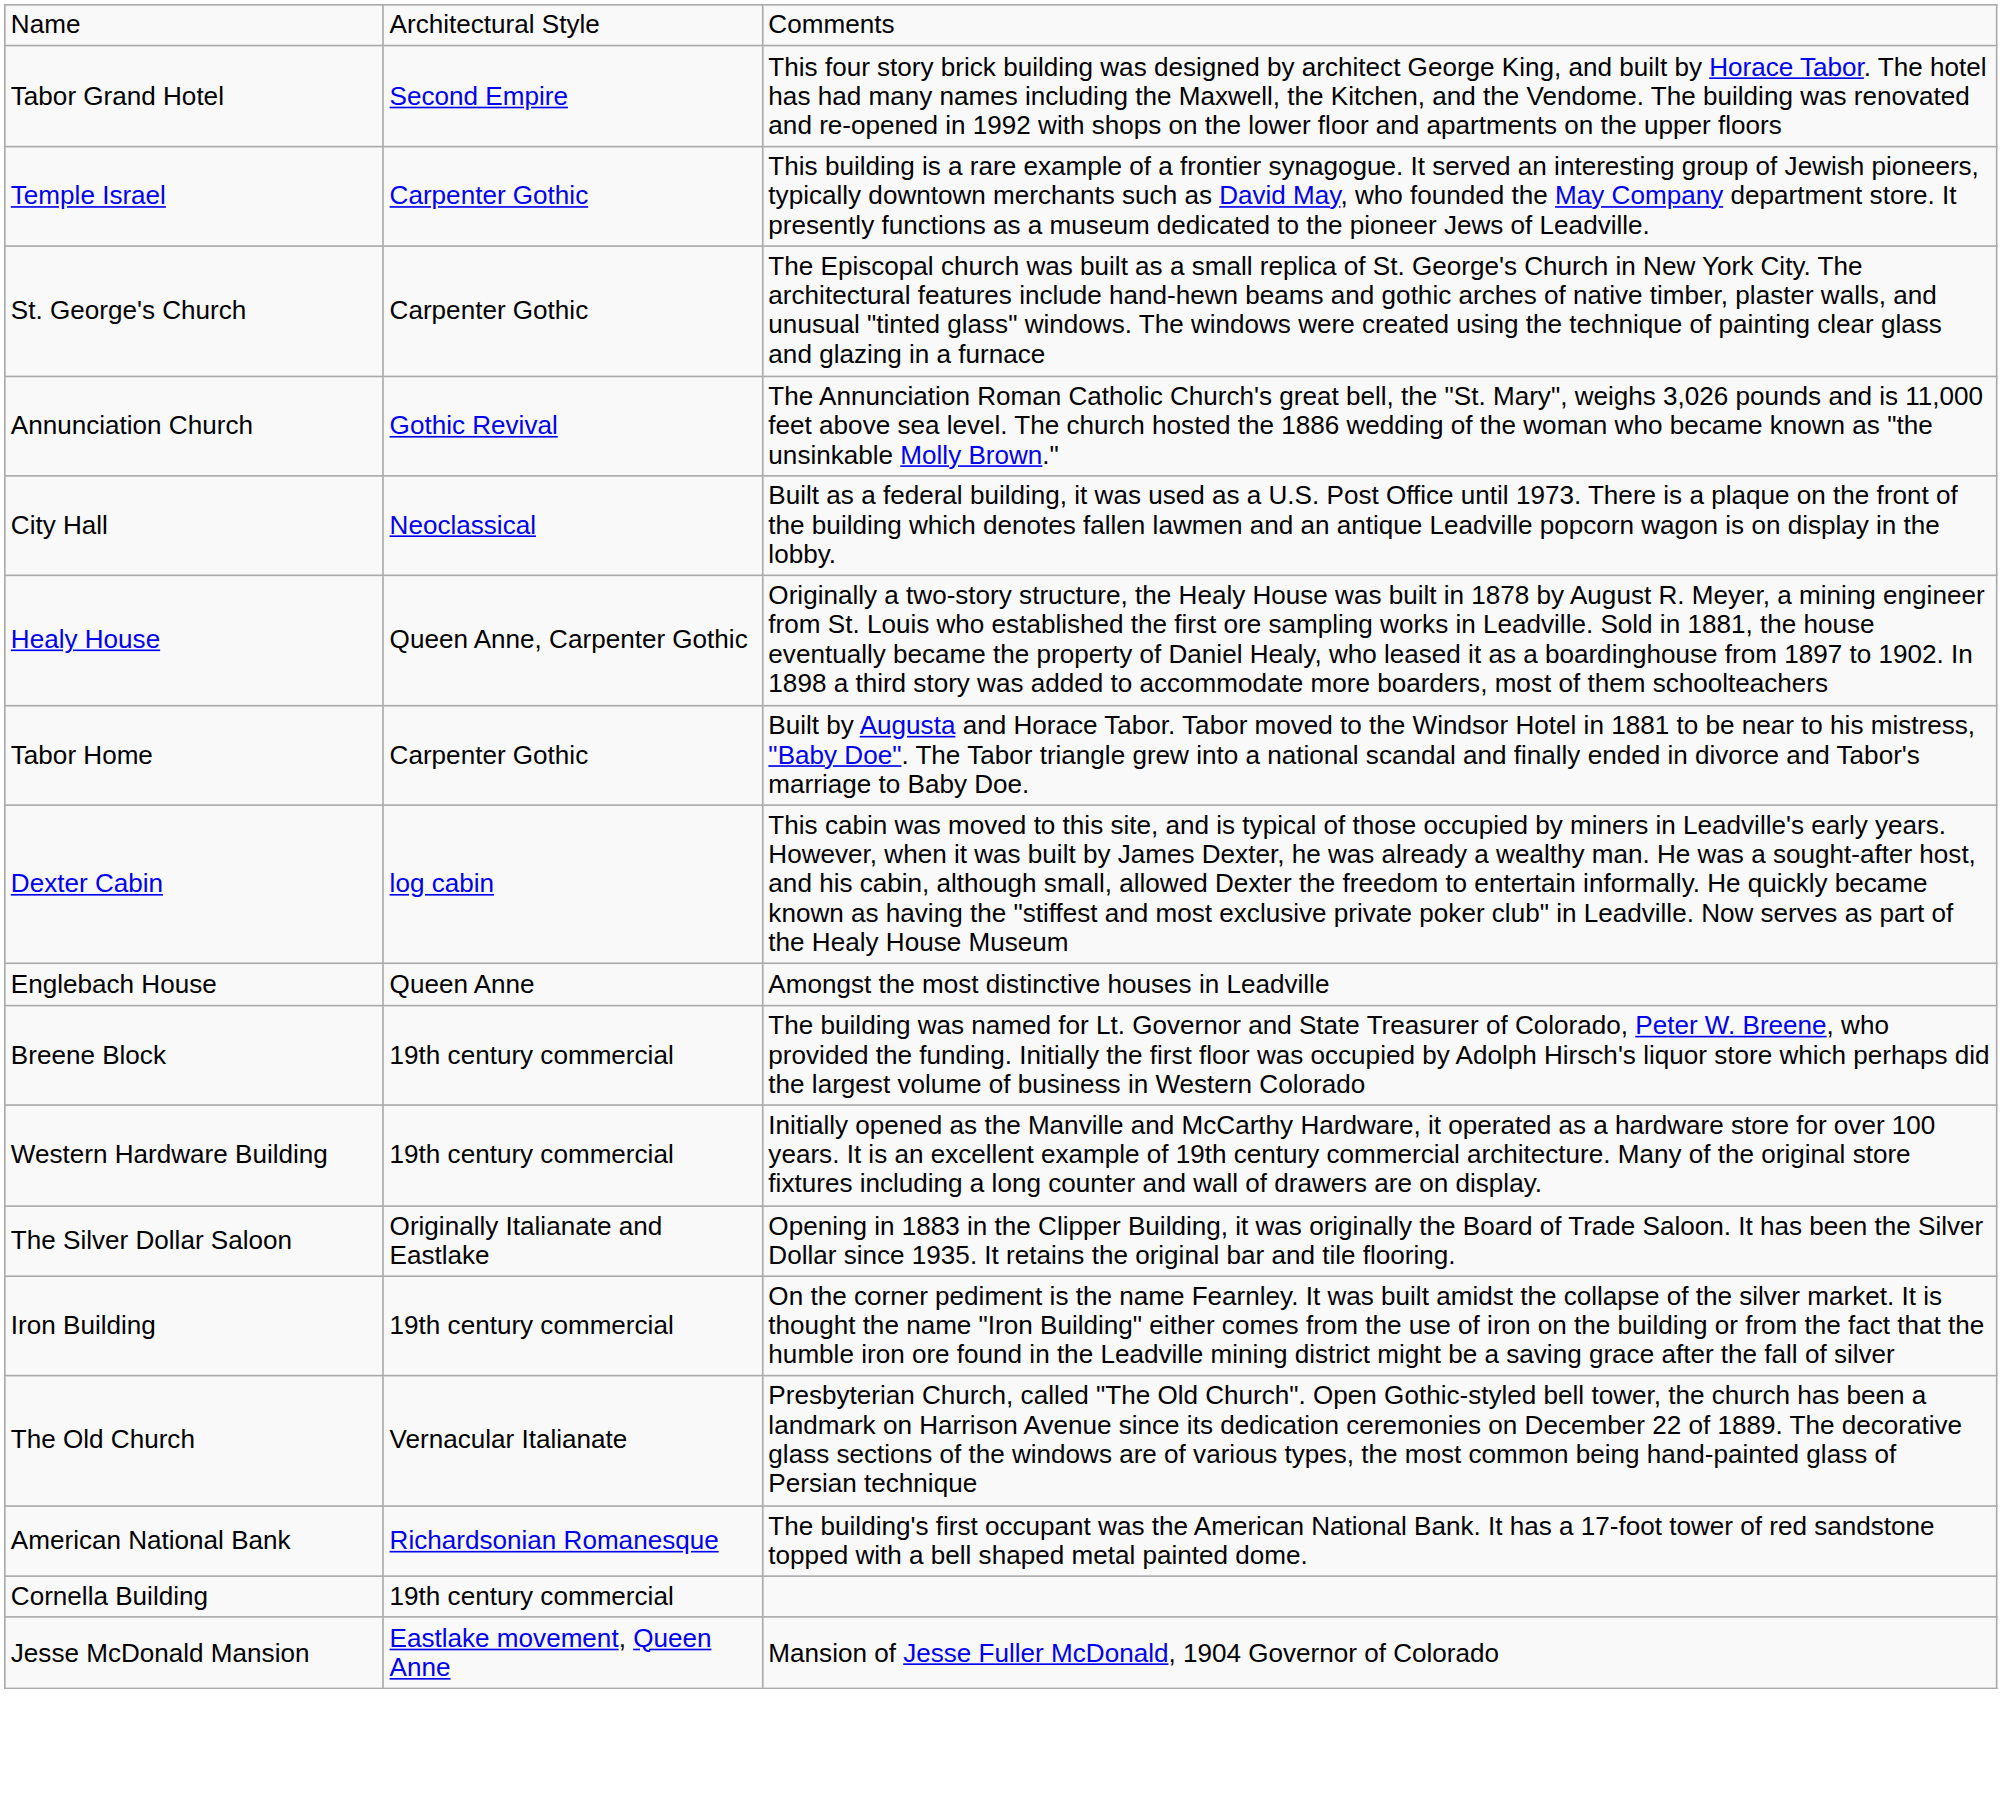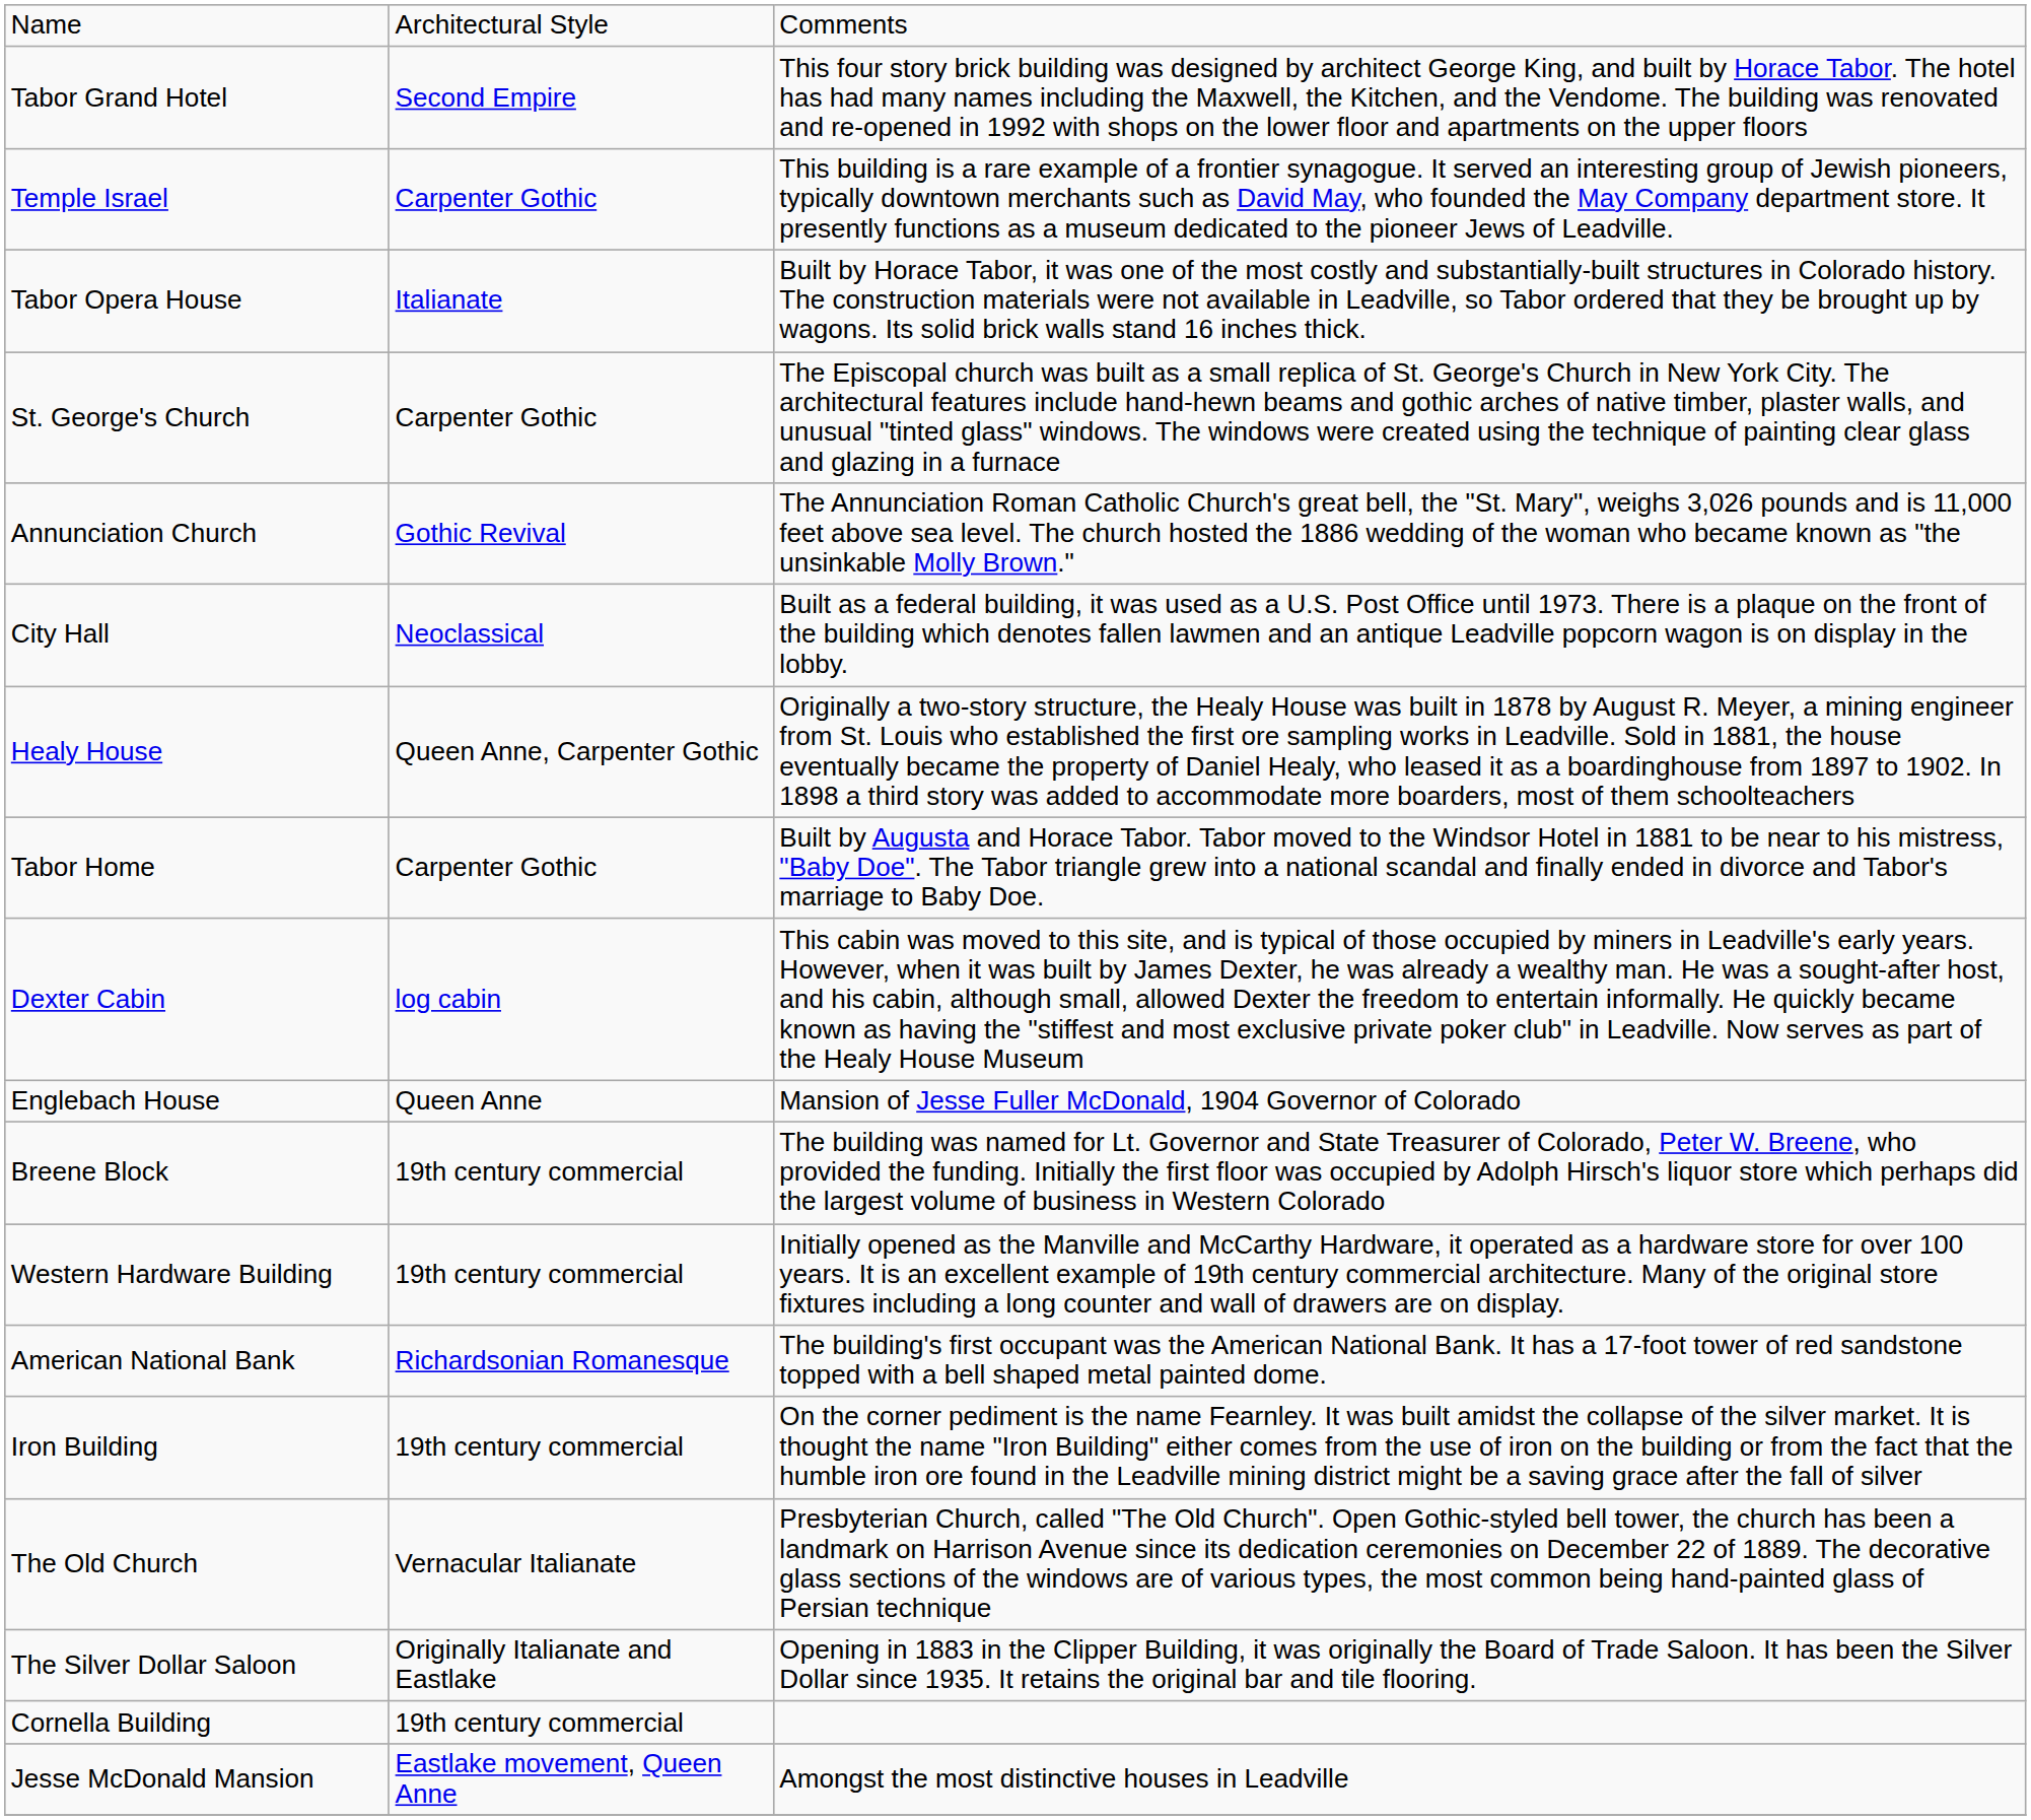 <table class="wikitable">
 <tr>
 <td Header1="col" width="225">Name</td>
 <td Header2="col" width="225">Architectural Style</td>
 <td Header3="col" width="750">Comments</td>
 </tr>
 <tr>
 <td>Tabor Grand Hotel<br></td>
 <td><a href='#'>Second Empire</a></td>
 <td>This four story brick building was designed by architect George King, and built by <a href='#'>Horace Tabor</a>. The hotel has had many names including the Maxwell, the Kitchen, and the Vendome. The building was renovated and re-opened in 1992 with shops on the lower floor and apartments on the upper floors</td>
 </tr>
 <tr>
 <td><a href='#'>Temple Israel</a><br></td>
 <td><a href='#'>Carpenter Gothic</a></td>
 <td>This building is a rare example of a frontier synagogue.  It served an interesting group of Jewish pioneers, typically downtown merchants such as  <a href='#'>David May</a>, who founded the <a href='#'>May Company</a> department store.  It presently functions as a museum dedicated to the pioneer Jews of Leadville.</td>
+</tr>
+<tr>
+<td>Tabor Opera House<br></td>
+<td><a href='#'>Italianate</a></td>
+<td>Built by Horace Tabor, it was one of the most costly and substantially-built structures in Colorado history. The construction materials were not available in Leadville, so Tabor ordered that they be brought up by wagons.  Its solid brick walls stand 16 inches thick.</td>
 </tr>
 <tr>
 <td>St. George's Church<br></td>
 <td>Carpenter Gothic</td>
 <td>The Episcopal church was built as a small replica of St. George's Church in New York City. The architectural features include hand-hewn beams and gothic arches of native timber, plaster walls, and unusual "tinted glass" windows. The windows were created using the technique of painting clear glass and glazing in a furnace</td>
 </tr>
 <tr>
 <td>Annunciation Church<br></td>
 <td><a href='#'>Gothic Revival</a></td>
 <td>The Annunciation Roman Catholic Church's great bell, the "St. Mary", weighs 3,026 pounds and is 11,000 feet above sea level. The church hosted the 1886 wedding of the woman who became known as "the unsinkable <a href='#'>Molly Brown</a>."</td>
 </tr>
 <tr>
 <td>City Hall<br></td>
 <td><a href='#'>Neoclassical</a></td>
 <td>Built as a federal building, it was used as a U.S. Post Office until 1973.  There is a plaque on the front of the building which denotes fallen lawmen and an antique Leadville popcorn wagon is on display in the lobby.</td>
 </tr>
 <tr>
 <td><a href='#'>Healy House</a><br> </td>
 <td>Queen Anne, Carpenter Gothic</td>
 <td>Originally a two-story structure, the Healy House was built in 1878 by August R. Meyer, a mining engineer from St. Louis who established the first ore sampling works in Leadville. Sold in 1881, the house eventually became the property of Daniel Healy, who leased it as a boardinghouse from 1897 to 1902. In 1898 a third story was added to accommodate more boarders, most of them schoolteachers</td>
 </tr>
 <tr>
 <td>Tabor Home<br></td>
 <td>Carpenter Gothic</td>
 <td>Built by <a href='#'>Augusta</a> and Horace Tabor.  Tabor moved to the Windsor Hotel in 1881 to be near to his mistress, <a href='#'>"Baby Doe"</a>.  The Tabor triangle grew into a national scandal and finally ended in divorce and Tabor's marriage to Baby Doe.</td>
 </tr>
 <tr>
 <td><a href='#'>Dexter Cabin</a><br></td>
 <td><a href='#'>log cabin</a></td>
 <td>This cabin was moved to this site, and is typical of those occupied by miners in Leadville's early years.  However, when it was built by James Dexter, he was already a wealthy man. He was a sought-after host, and his cabin, although small, allowed Dexter the freedom to entertain informally. He quickly became known as having the "stiffest and most exclusive private poker club" in Leadville. Now serves as part of the Healy House Museum</td>
 </tr>
 <tr>
 <td>Englebach House<br></td>
 <td>Queen Anne</td>
-<td>Amongst the most distinctive houses in Leadville</td>
+<td>Mansion of <a href='#'>Jesse Fuller McDonald</a>, 1904 Governor of Colorado</td>
 </tr>
 <tr>
 <td>Breene Block<br></td>
 <td>19th century commercial</td>
 <td>The building was named for Lt. Governor and State Treasurer of Colorado, <a href='#'>Peter W. Breene</a>, who provided the funding. Initially the first floor was occupied by Adolph Hirsch's liquor store which perhaps did the largest volume of business in Western Colorado</td>
 </tr>
 <tr>
 <td>Western Hardware Building<br></td>
 <td>19th century commercial</td>
 <td>Initially opened as the Manville and McCarthy Hardware, it operated as a hardware store for over 100 years.  It is an excellent example of 19th century commercial architecture. Many of the original store fixtures including a long counter and wall of drawers are on display.</td>
 </tr>
 <tr>
-<td>The Silver Dollar Saloon<br></td>
-<td>Originally Italianate and Eastlake</td>
-<td>Opening in 1883 in the Clipper Building, it was originally the Board of Trade Saloon. It has been the Silver Dollar since 1935.  It retains the original bar and tile flooring.</td>
+<td>American National Bank<br></td>
+<td><a href='#'>Richardsonian Romanesque</a></td>
+<td>The building's first occupant was the American National Bank.  It has a 17-foot tower of red sandstone topped with a bell shaped metal painted dome.</td>
 </tr>
 <tr>
 <td>Iron Building<br></td>
 <td>19th century commercial</td>
 <td>On the corner pediment is the name Fearnley. It was built amidst the collapse of the silver market. It is thought the name "Iron Building" either comes from the use of iron on the building or from the fact that the humble iron ore found in the Leadville mining district might be a saving grace after the fall of silver</td>
 </tr>
 <tr>
 <td>The Old Church<br></td>
 <td>Vernacular Italianate</td>
 <td>Presbyterian Church, called "The Old Church". Open Gothic-styled bell tower, the church has been a landmark on Harrison Avenue since its dedication ceremonies on December 22 of 1889. The decorative glass sections of the windows are of various types, the most common being hand-painted glass of Persian technique</td>
 </tr>
 <tr>
-<td>American National Bank<br></td>
-<td><a href='#'>Richardsonian Romanesque</a></td>
-<td>The building's first occupant was the American National Bank.  It has a 17-foot tower of red sandstone topped with a bell shaped metal painted dome.</td>
+<td>The Silver Dollar Saloon<br></td>
+<td>Originally Italianate and Eastlake</td>
+<td>Opening in 1883 in the Clipper Building, it was originally the Board of Trade Saloon. It has been the Silver Dollar since 1935.  It retains the original bar and tile flooring.</td>
 </tr>
 <tr>
 <td>Cornella Building<br></td>
 <td>19th century commercial</td>
 </tr>
 <tr>
 <td>Jesse McDonald Mansion<br></td>
 <td><a href='#'>Eastlake movement</a>, <a href='#'>Queen Anne</a></td>
-<td>Mansion of <a href='#'>Jesse Fuller McDonald</a>, 1904 Governor of Colorado</td>
+<td>Amongst the most distinctive houses in Leadville</td>
 </tr>
 <tr>
 </tr>
 </table>
